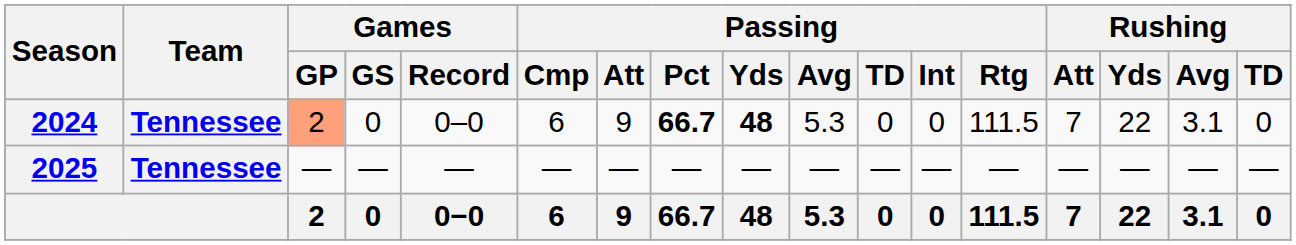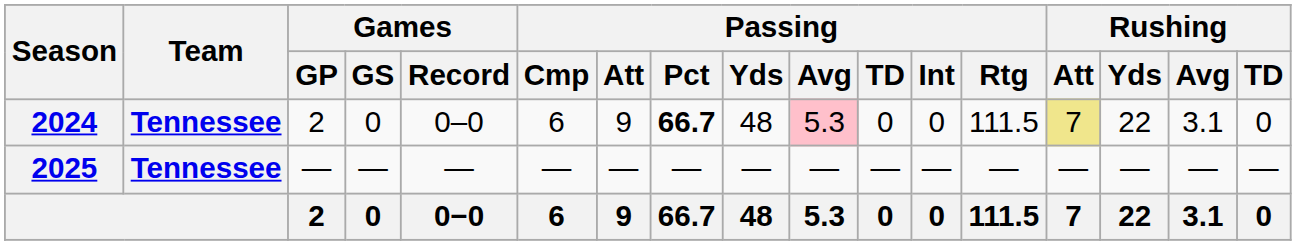 <table class="wikitable" style="text-align:center;">
 <tr>
 <th rowspan="2">Season</th>
 <th rowspan="2">Team</th>
 <th colspan="3">Games</th>
 <th colspan="8">Passing</th>
 <th colspan="5">Rushing</th>
 </tr>
 <tr>
 <th>GP</th>
 <th>GS</th>
 <th>Record</th>
 <th>Cmp</th>
 <th>Att</th>
 <th>Pct</th>
 <th>Yds</th>
 <th>Avg</th>
 <th>TD</th>
 <th>Int</th>
 <th>Rtg</th>
 <th>Att</th>
 <th>Yds</th>
 <th>Avg</th>
 <th>TD</th>
 </tr>
 <tr>
 <th><a href='#'>2024</a></th>
 <th><a href='#'>Tennessee</a></th>
-<td style="background: lightsalmon;">2</td>
+<td>2</td>
 <td>0</td>
 <td>0–0</td>
 <td>6</td>
 <td>9</td>
 <td><strong>66.7</strong></td>
-<td><strong>48</strong></td>
-<td>5.3</td>
+<td>48</td>
+<td style="background: pink;">5.3</td>
 <td>0</td>
 <td>0</td>
 <td>111.5</td>
-<td>7</td>
+<td style="background: khaki;">7</td>
 <td>22</td>
 <td>3.1</td>
 <td>0</td>
 </tr>
 <tr>
 <th><a href='#'>2025</a></th>
 <th><a href='#'>Tennessee</a></th>
 <td>—</td>
 <td>—</td>
 <td>—</td>
 <td>—</td>
 <td>—</td>
 <td>—</td>
 <td>—</td>
 <td>—</td>
 <td>—</td>
 <td>—</td>
 <td>—</td>
 <td>—</td>
 <td>—</td>
 <td>—</td>
 <td>—</td>
 </tr>
 <tr>
 <th colspan="2"></th>
 <th>2</th>
 <th>0</th>
 <th>0−0</th>
 <th>6</th>
 <th>9</th>
 <th>66.7</th>
 <th>48</th>
 <th>5.3</th>
 <th>0</th>
 <th>0</th>
 <th>111.5</th>
 <th>7</th>
 <th>22</th>
 <th>3.1</th>
 <th>0</th>
 </tr>
 </table>
